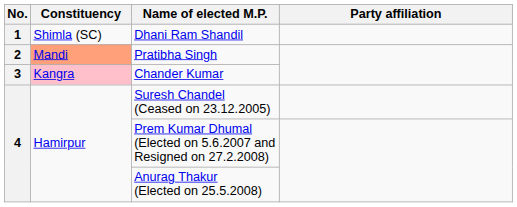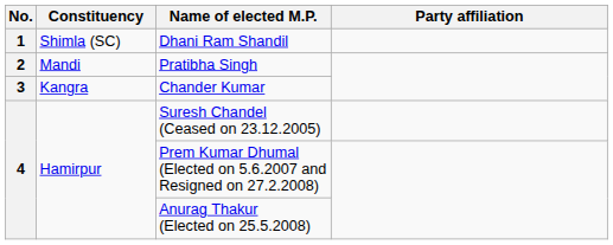 <table class="wikitable">
 <tr style="background:#ccc; text-align:center;">
 <th>No.</th>
 <th style="width:120px">Constituency</th>
 <th style="width:180px">Name of elected M.P.</th>
 <th colspan="2" style="width:18em">Party affiliation</th>
 </tr>
 <tr>
 <th>1</th>
 <td><a href='#'>Shimla</a> (SC)</td>
 <td><a href='#'>Dhani Ram Shandil</a></td>
 <td></td>
 </tr>
 <tr>
 <th>2</th>
-<td style="background: lightsalmon;"><a href='#'>Mandi</a></td>
+<td><a href='#'>Mandi</a></td>
 <td><a href='#'>Pratibha Singh</a></td>
 </tr>
 <tr>
 <th>3</th>
-<td style="background: pink;"><a href='#'>Kangra</a></td>
+<td><a href='#'>Kangra</a></td>
 <td><a href='#'>Chander Kumar</a></td>
 </tr>
 <tr>
 <th rowspan="3">4</th>
 <td rowspan="3"><a href='#'>Hamirpur</a></td>
 <td><a href='#'>Suresh Chandel</a><br>(Ceased on 23.12.2005)</td>
 <td></td>
 </tr>
 <tr>
 <td><a href='#'>Prem Kumar Dhumal</a><br>(Elected on 5.6.2007 and Resigned on 27.2.2008)</td>
 </tr>
 <tr>
 <td><a href='#'>Anurag Thakur</a><br>(Elected on 25.5.2008)</td>
 </tr>
 </table>
